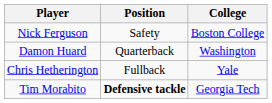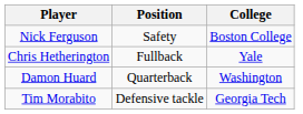 <table class="wikitable" style="text-align:center">
 <tr>
 <th>Player</th>
 <th>Position</th>
 <th>College</th>
 </tr>
 <tr>
 <td><a href='#'>Nick Ferguson</a></td>
 <td>Safety</td>
 <td><a href='#'>Boston College</a></td>
 </tr>
 <tr>
+<td><a href='#'>Chris Hetherington</a></td>
+<td>Fullback</td>
+<td><a href='#'>Yale</a></td>
+</tr>
+<tr>
 <td><a href='#'>Damon Huard</a></td>
 <td>Quarterback</td>
 <td><a href='#'>Washington</a></td>
 </tr>
 <tr>
-<td><a href='#'>Chris Hetherington</a></td>
-<td>Fullback</td>
-<td><a href='#'>Yale</a></td>
-</tr>
-<tr>
 <td><a href='#'>Tim Morabito</a></td>
-<td><strong>Defensive tackle</strong></td>
+<td>Defensive tackle</td>
 <td><a href='#'>Georgia Tech</a></td>
 </tr>
 </table>
